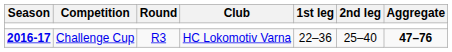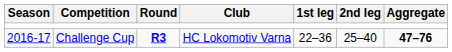 <table class="wikitable">
 <tr>
 <th>Season</th>
 <th>Competition</th>
 <th>Round</th>
 <th>Club</th>
 <th>1st leg</th>
 <th>2nd leg</th>
 <th>Aggregate</th>
 </tr>
 <tr>
 <td colspan="7" bgcolor=white></td>
 </tr>
 <tr>
-<td><strong><a href='#'>2016-17</a></strong></td>
+<td><a href='#'>2016-17</a></td>
 <td><a href='#'>Challenge Cup</a></td>
-<td style="text-align:center;"><a href='#'>R3</a></td>
+<td style="text-align:center;"><strong><a href='#'>R3</a></strong></td>
 <td> <a href='#'>HC Lokomotiv Varna</a></td>
 <td style="text-align:center;">22–36</td>
 <td style="text-align:center;">25–40</td>
 <td style="text-align:center;"><strong>47–76</strong></td>
 </tr>
 </table>
